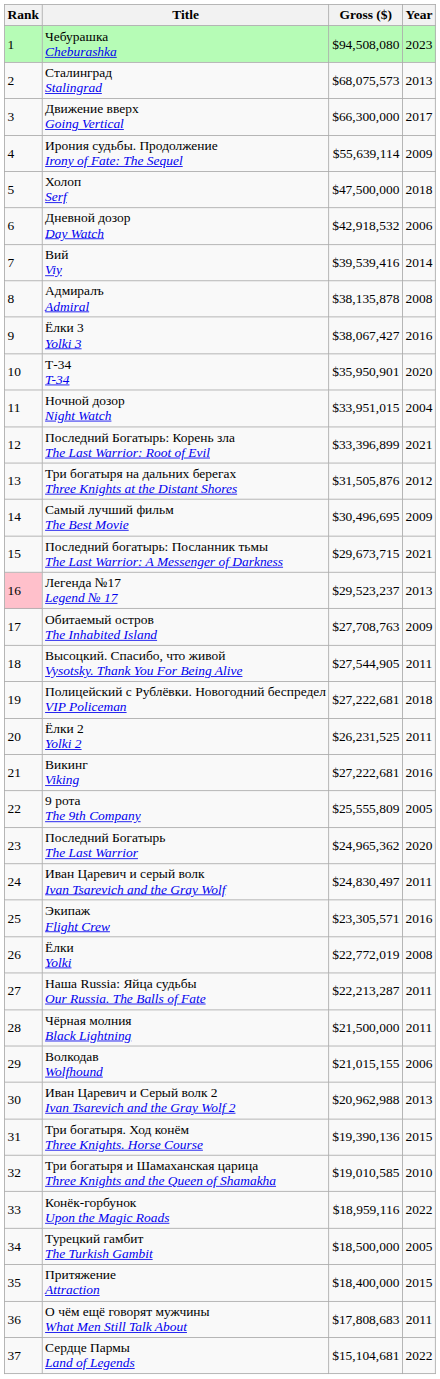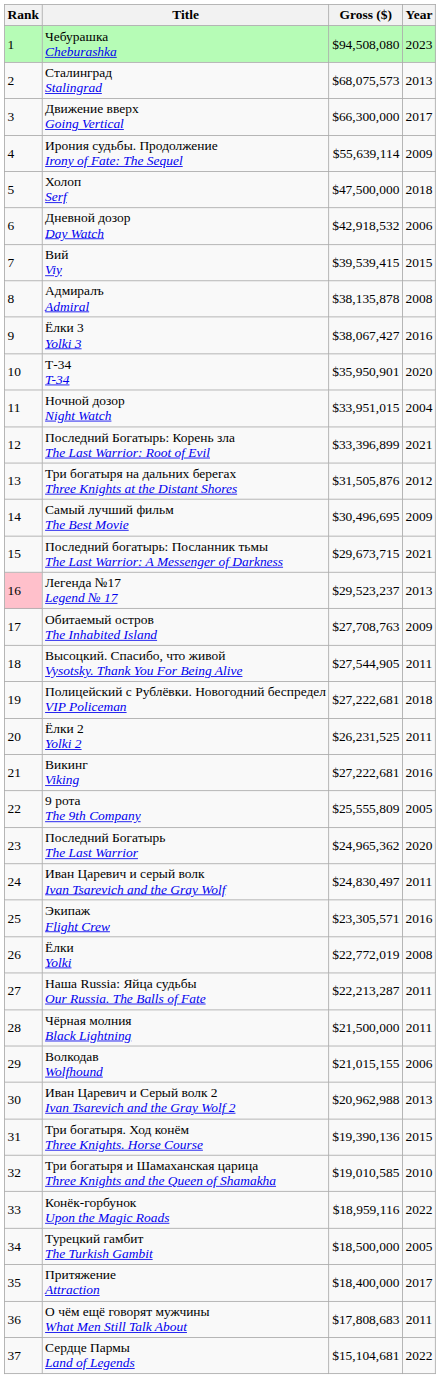 <table class="wikitable sortable">
 <tr>
 <th scope="col">Rank</th>
 <th scope="col">Title</th>
 <th scope="col">Gross ($)</th>
 <th scope="col">Year</th>
 </tr>
 <tr style="background:#b6fcb6">
 <td>1</td>
 <td>Чебурашка<br><em><a href='#'>Cheburashka</a></em></td>
 <td align="right">$94,508,080</td>
 <td style="text-align:center;">2023</td>
 </tr>
 <tr>
 <td>2</td>
 <td>Сталинград<br><em><a href='#'>Stalingrad</a></em></td>
 <td align="right">$68,075,573</td>
 <td style="text-align:center;">2013</td>
 </tr>
 <tr>
 <td>3</td>
 <td>Движение вверх<br><em><a href='#'>Going Vertical</a></em></td>
 <td align="right">$66,300,000</td>
 <td style="text-align:center;">2017</td>
 </tr>
 <tr>
 <td>4</td>
 <td>Ирония судьбы. Продолжение<br><em><a href='#'>Irony of Fate: The Sequel</a></em></td>
 <td align="right">$55,639,114</td>
 <td style="text-align:center;">2009</td>
 </tr>
 <tr>
 <td>5</td>
 <td>Холоп<br><em><a href='#'>Serf</a></em></td>
 <td align="right">$47,500,000</td>
 <td style="text-align:center;">2018</td>
 </tr>
 <tr>
 <td>6</td>
 <td>Дневной дозор<br><em><a href='#'>Day Watch</a></em></td>
 <td align="right">$42,918,532</td>
 <td style="text-align:center;">2006</td>
 </tr>
 <tr>
 <td>7</td>
 <td>Вий<br><em><a href='#'>Viy</a></em></td>
-<td align="right">$39,539,416</td>
-<td style="text-align:center;">2014</td>
+<td align="right">$39,539,415</td>
+<td style="text-align:center;">2015</td>
 </tr>
 <tr>
 <td>8</td>
 <td>Адмиралъ<br><em><a href='#'>Admiral</a></em></td>
 <td align="right">$38,135,878</td>
 <td style="text-align:center;">2008</td>
 </tr>
 <tr>
 <td>9</td>
 <td>Ёлки 3<br><em><a href='#'>Yolki 3</a></em></td>
 <td align="right">$38,067,427</td>
 <td style="text-align:center;">2016</td>
 </tr>
 <tr>
 <td>10</td>
 <td>Т-34<br><em><a href='#'>T-34</a></em></td>
 <td align="right">$35,950,901</td>
 <td style="text-align:center;">2020</td>
 </tr>
 <tr>
 <td>11</td>
 <td>Ночной дозор<br><em><a href='#'>Night Watch</a></em></td>
 <td align="right">$33,951,015</td>
 <td style="text-align:center;">2004</td>
 </tr>
 <tr>
 <td>12</td>
 <td>‏Последний Богатырь: Корень зла<br><em><a href='#'>The Last Warrior: Root of Evil</a></em></td>
 <td align="right">$33,396,899</td>
 <td style="text-align:center;">2021</td>
 </tr>
 <tr>
 <td>13</td>
 <td>Три богатыря на дальних берегах<br><em><a href='#'>Three Knights at the Distant Shores</a></em></td>
 <td align="right">$31,505,876</td>
 <td style="text-align:center;">2012</td>
 </tr>
 <tr>
 <td>14</td>
 <td>Самый лучший фильм<br><em><a href='#'>The Best Movie</a></em></td>
 <td align="right">$30,496,695</td>
 <td style="text-align:center;">2009</td>
 </tr>
 <tr>
 <td>15</td>
 <td>Последний богатырь: Посланник тьмы<br><em><a href='#'>The Last Warrior: A Messenger of Darkness</a></em></td>
 <td align="right">$29,673,715</td>
 <td style="text-align:center;">2021</td>
 </tr>
 <tr>
 <td style="background: pink;">16</td>
 <td>Легенда №17<br><em><a href='#'>Legend № 17</a></em></td>
 <td align="right">$29,523,237</td>
 <td style="text-align:center;">2013</td>
 </tr>
 <tr>
 <td>17</td>
 <td>Обитаемый остров<br><em><a href='#'>The Inhabited Island</a></em></td>
 <td align="right">$27,708,763</td>
 <td style="text-align:center;">2009</td>
 </tr>
 <tr>
 <td>18</td>
 <td>Высоцкий. Спасибо, что живой<br><em><a href='#'>Vysotsky. Thank You For Being Alive</a></em></td>
 <td align="right">$27,544,905</td>
 <td style="text-align:center;">2011</td>
 </tr>
 <tr>
 <td>19</td>
 <td>Полицейский с Рублёвки. Новогодний беспредел<br><em><a href='#'>VIP Policeman</a></em></td>
 <td align="right">$27,222,681</td>
 <td style="text-align:center;">2018</td>
 </tr>
 <tr>
 <td>20</td>
 <td>Ёлки 2<br><em><a href='#'>Yolki 2</a></em></td>
 <td align="right">$26,231,525</td>
 <td style="text-align:center;">2011</td>
 </tr>
 <tr>
 <td>21</td>
 <td>Викинг<br><em><a href='#'>Viking</a></em></td>
 <td align="right">$27,222,681</td>
 <td style="text-align:center;">2016</td>
 </tr>
 <tr>
 <td>22</td>
 <td>9 рота<br><em><a href='#'>The 9th Company</a></em></td>
 <td align="right">$25,555,809</td>
 <td style="text-align:center;">2005</td>
 </tr>
 <tr>
 <td>23</td>
 <td>Последний Богатырь<br><em><a href='#'>The Last Warrior</a></em></td>
 <td align="right">$24,965,362</td>
 <td style="text-align:center;">2020</td>
 </tr>
 <tr>
 <td>24</td>
 <td>Иван Царевич и серый волк<br><em><a href='#'>Ivan Tsarevich and the Gray Wolf</a></em></td>
 <td align="right">$24,830,497</td>
 <td style="text-align:center;">2011</td>
 </tr>
 <tr>
 <td>25</td>
 <td>Экипаж<br><em><a href='#'>Flight Crew</a></em></td>
 <td align="right">$23,305,571</td>
 <td style="text-align:center;">2016</td>
 </tr>
 <tr>
 <td>26</td>
 <td>Ёлки<br><em><a href='#'>Yolki</a></em></td>
 <td align="right">$22,772,019</td>
 <td style="text-align:center;">2008</td>
 </tr>
 <tr>
 <td>27</td>
 <td>Наша Russia: Яйца судьбы<br><em><a href='#'>Our Russia. The Balls of Fate</a></em></td>
 <td align="right">$22,213,287</td>
 <td style="text-align:center;">2011</td>
 </tr>
 <tr>
 <td>28</td>
 <td>Чёрная молния<br><em><a href='#'>Black Lightning</a></em></td>
 <td align="right">$21,500,000</td>
 <td style="text-align:center;">2011</td>
 </tr>
 <tr>
 <td>29</td>
 <td>Волкодав<br><em><a href='#'>Wolfhound</a></em></td>
 <td align="right">$21,015,155</td>
 <td style="text-align:center;">2006</td>
 </tr>
 <tr>
 <td>30</td>
 <td>Иван Царевич и Серый волк 2<br><em><a href='#'>Ivan Tsarevich and the Gray Wolf 2</a></em></td>
 <td align="right">$20,962,988</td>
 <td style="text-align:center;">2013</td>
 </tr>
 <tr>
 <td>31</td>
 <td>Три богатыря. Ход конём<br><em><a href='#'>Three Knights. Horse Course</a></em></td>
 <td align="right">$19,390,136</td>
 <td style="text-align:center;">2015</td>
 </tr>
 <tr>
 <td>32</td>
 <td>Три богатыря и Шамаханская царица<br><em><a href='#'>Three Knights and the Queen of Shamakha</a></em></td>
 <td align="right">$19,010,585</td>
 <td style="text-align:center;">2010</td>
 </tr>
 <tr>
 <td>33</td>
 <td>Конёк-горбунок<br><em><a href='#'>Upon the Magic Roads</a></em></td>
 <td align="right">$18,959,116</td>
 <td style="text-align:center;">2022</td>
 </tr>
 <tr>
 <td>34</td>
 <td>Турецкий гамбит<br><em><a href='#'>The Turkish Gambit</a></em></td>
 <td align="right">$18,500,000</td>
 <td style="text-align:center;">2005</td>
 </tr>
 <tr>
 <td>35</td>
 <td>Притяжение<br><em><a href='#'>Attraction</a></em></td>
 <td align="right">$18,400,000</td>
-<td style="text-align:center;">2015</td>
+<td style="text-align:center;">2017</td>
 </tr>
 <tr>
 <td>36</td>
 <td>О чём ещё говорят мужчины<br><em><a href='#'>What Men Still Talk About</a></em></td>
 <td align="right">$17,808,683</td>
 <td style="text-align:center;">2011</td>
 </tr>
 <tr>
 <td>37</td>
 <td>Сердце Пармы<br><em><a href='#'>Land of Legends</a></em></td>
 <td align="right">$15,104,681</td>
 <td style="text-align:center;">2022</td>
 </tr>
 </table>
